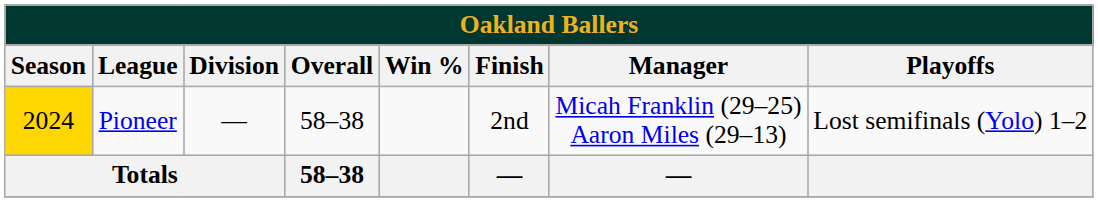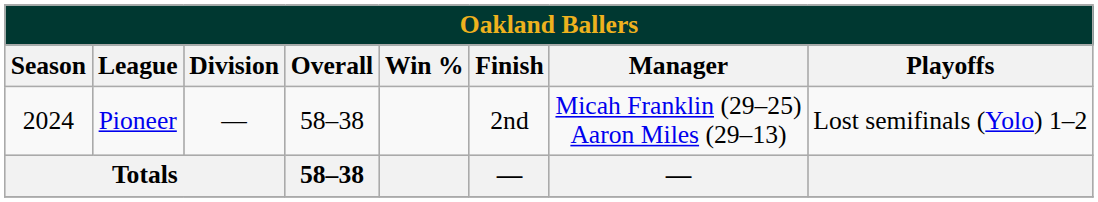 <table class="wikitable">
 <tr>
 <th colspan="8" style="background:#003831;color:#EFB21E">Oakland Ballers</th>
 </tr>
 <tr>
 <th>Season</th>
 <th>League</th>
 <th>Division</th>
 <th>Overall</th>
 <th>Win %</th>
 <th>Finish</th>
 <th>Manager</th>
 <th>Playoffs</th>
 </tr>
 <tr align="center">
-<td style="background: gold;">2024</td>
+<td>2024</td>
 <td><a href='#'>Pioneer</a></td>
 <td>—</td>
 <td>58–38</td>
 <td></td>
 <td>2nd</td>
 <td><a href='#'>Micah Franklin</a>  (29–25) <br> <a href='#'>Aaron Miles</a> (29–13)</td>
 <td>Lost semifinals (<a href='#'>Yolo</a>) 1–2</td>
 </tr>
 <tr align="center">
 <th colspan="3">Totals</th>
 <th>58–38</th>
 <th></th>
 <th>—</th>
 <th>—</th>
 <th></th>
 </tr>
 <tr>
 </tr>
 </table>
